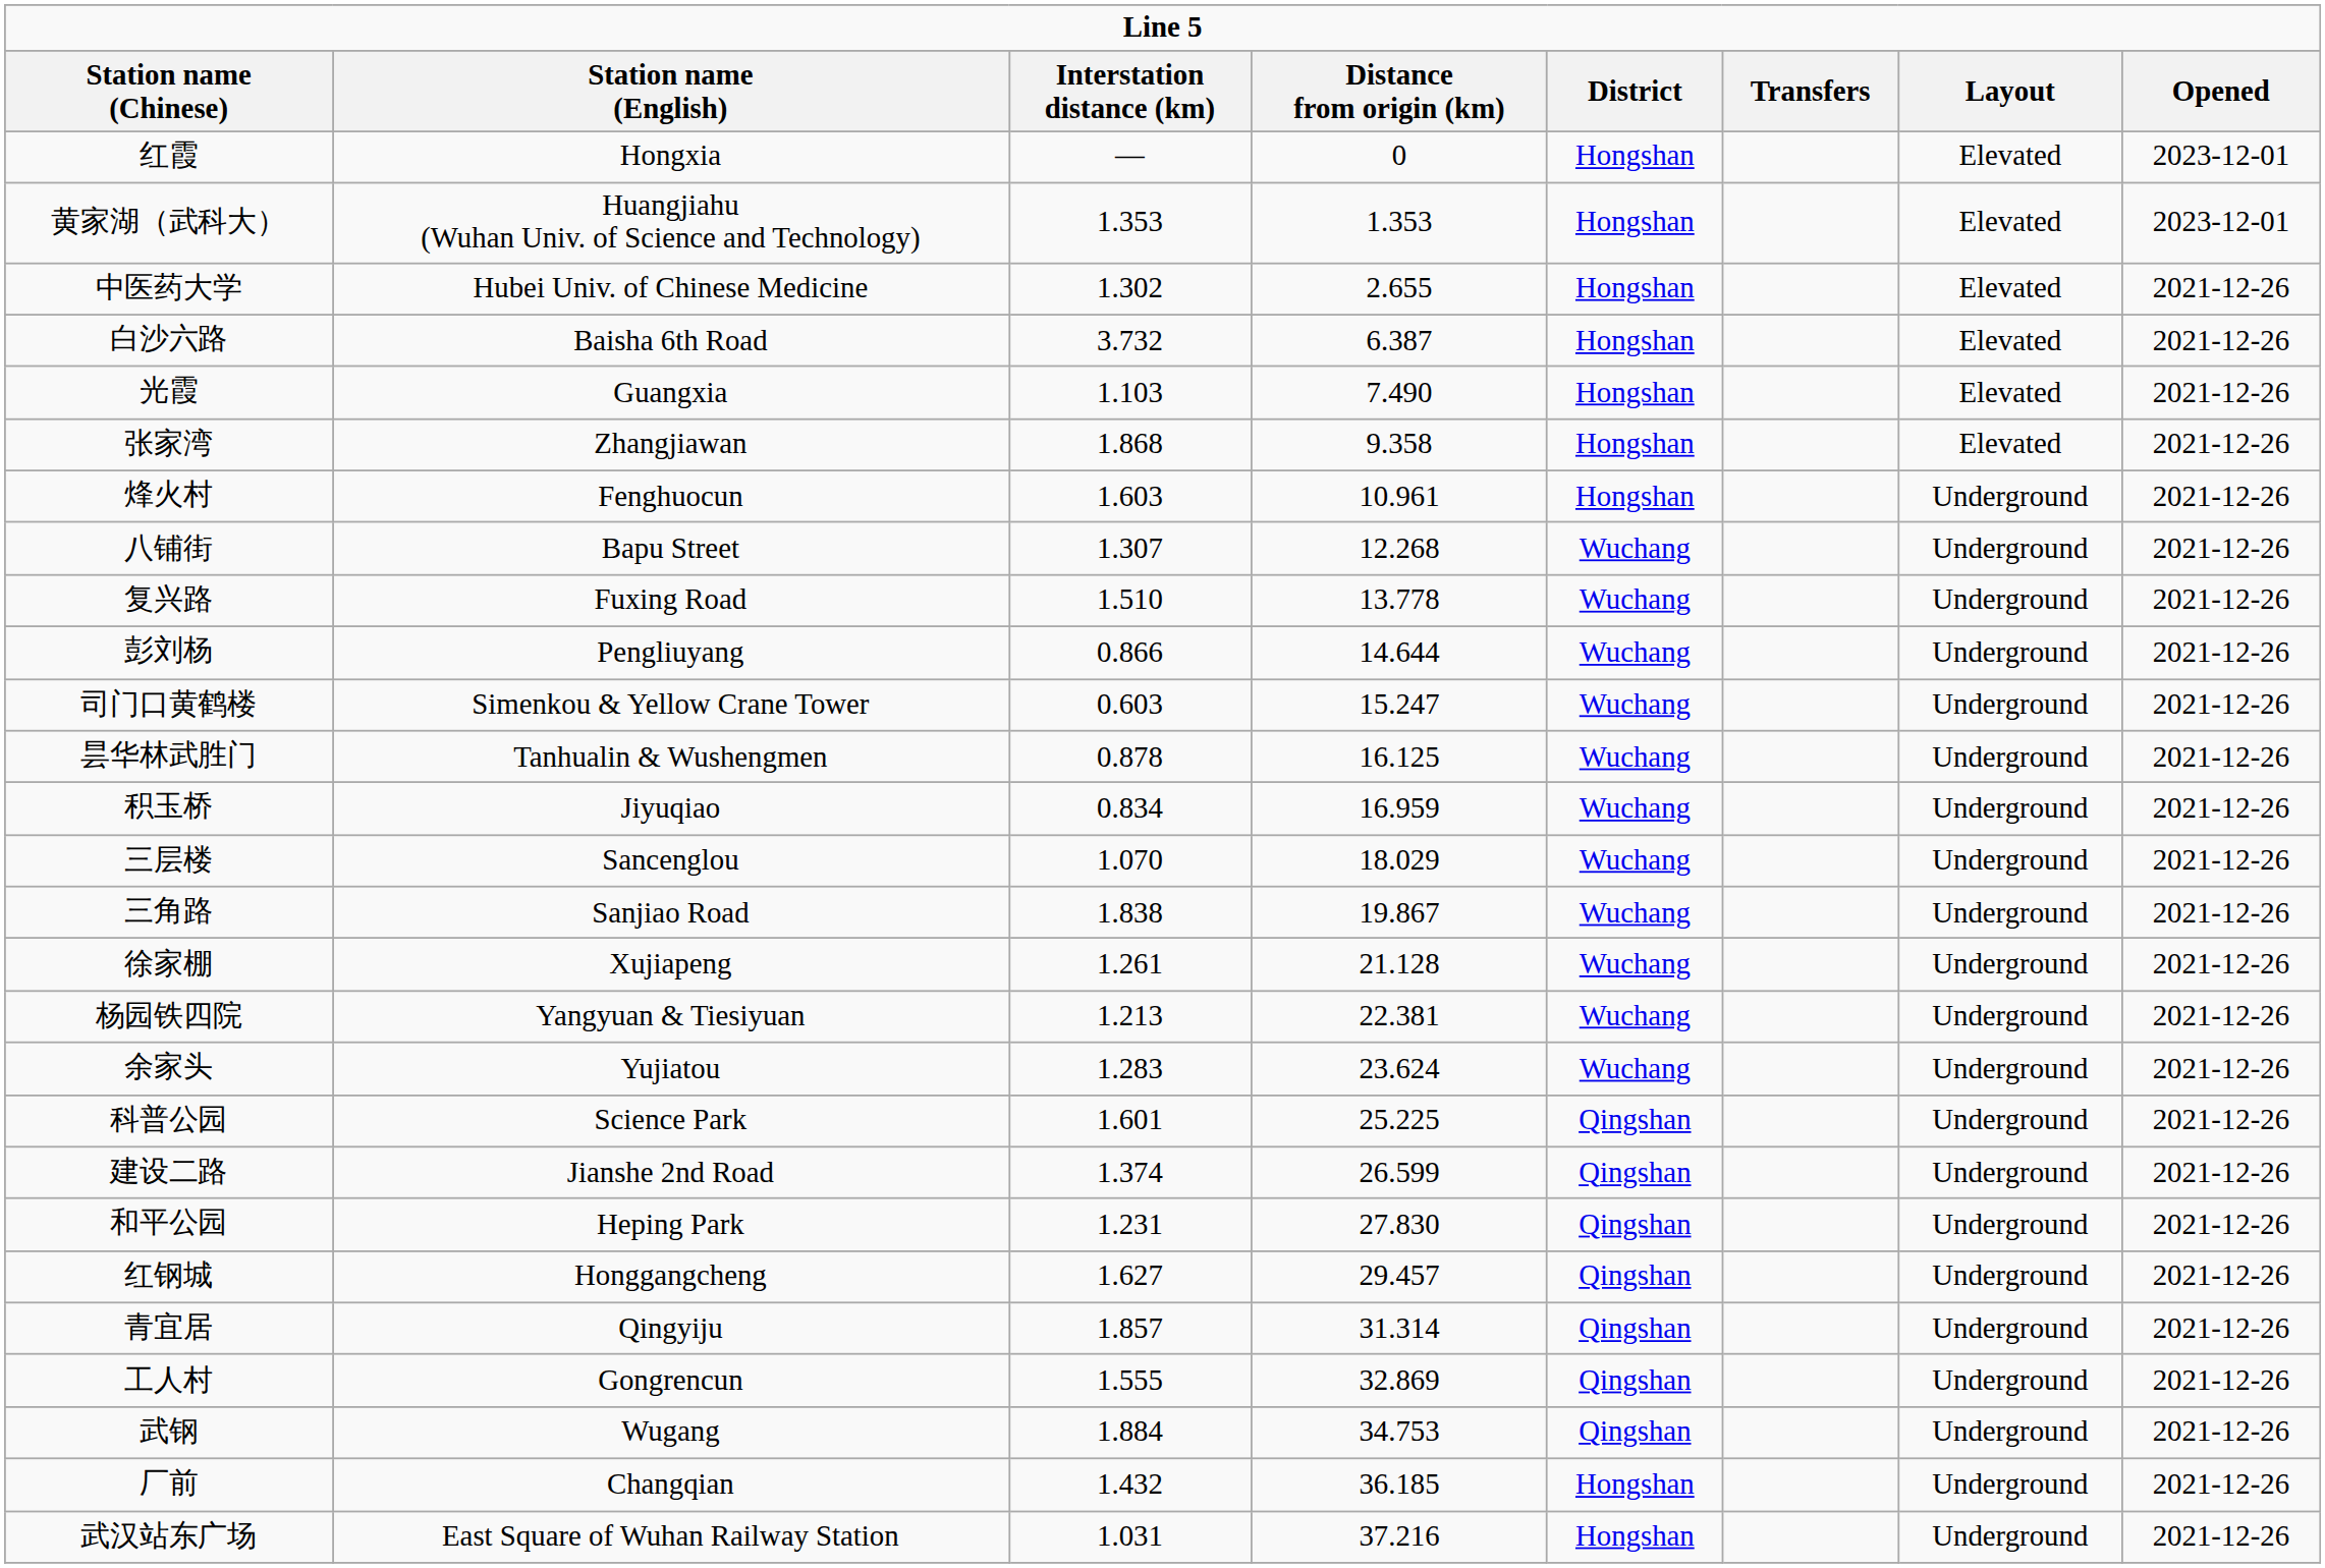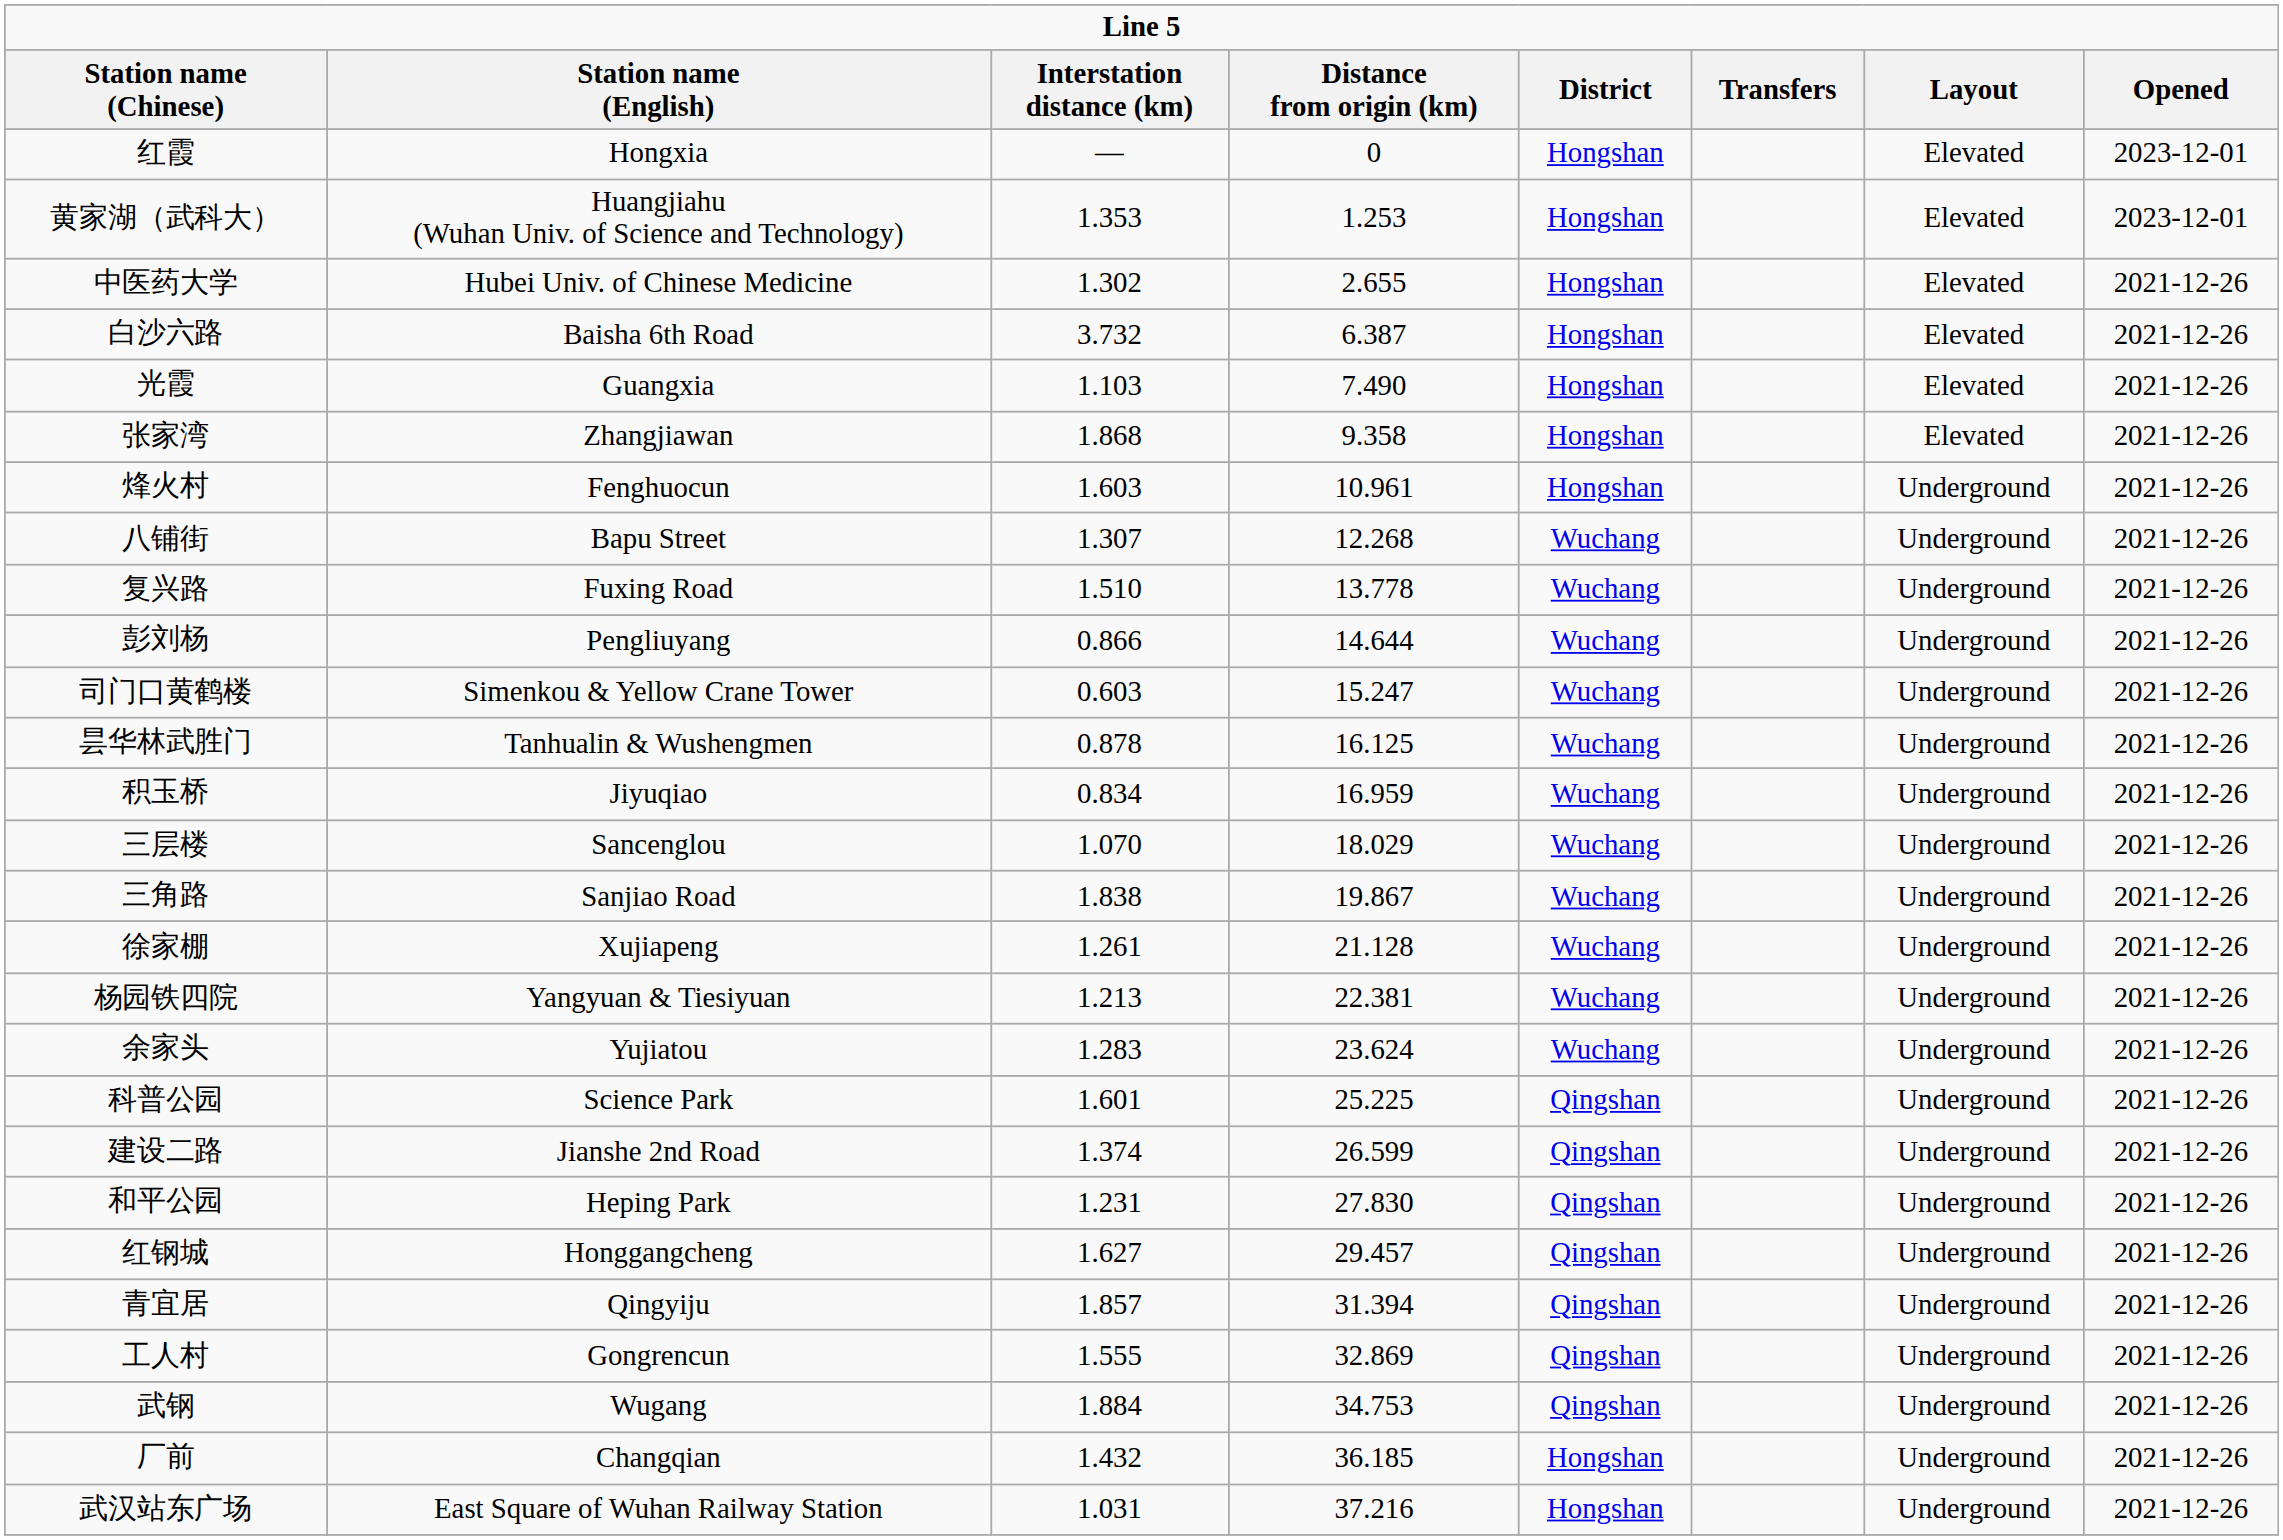 <table class="wikitable" style="width:100%; text-align: center;">
 <tr>
 <td align=center colspan=10><span><strong>Line 5</strong></span></td>
 </tr>
 <tr bgcolor="#CCCCCC">
 <th>Station name<br>(Chinese)</th>
 <th>Station name<br>(English)</th>
 <th>Interstation<br>distance (km)</th>
 <th>Distance<br>from origin (km)</th>
 <th>District</th>
 <th>Transfers</th>
 <th>Layout</th>
 <th>Opened</th>
 </tr>
 <tr>
 <td>红霞</td>
 <td>Hongxia</td>
 <td>—</td>
 <td>0</td>
 <td><a href='#'>Hongshan</a></td>
 <td></td>
 <td>Elevated</td>
 <td>2023-12-01</td>
 </tr>
 <tr>
 <td>黄家湖（武科大）</td>
 <td>Huangjiahu<br>(Wuhan Univ. of Science and Technology)</td>
 <td>1.353</td>
-<td>1.353</td>
+<td>1.253</td>
 <td><a href='#'>Hongshan</a></td>
 <td></td>
 <td>Elevated</td>
 <td>2023-12-01</td>
 </tr>
 <tr>
 <td>中医药大学</td>
 <td>Hubei Univ. of Chinese Medicine</td>
 <td>1.302</td>
 <td>2.655</td>
 <td><a href='#'>Hongshan</a></td>
 <td></td>
 <td>Elevated</td>
 <td>2021-12-26</td>
 </tr>
 <tr>
 <td>白沙六路</td>
 <td>Baisha 6th Road</td>
 <td>3.732</td>
 <td>6.387</td>
 <td><a href='#'>Hongshan</a></td>
 <td></td>
 <td>Elevated</td>
 <td>2021-12-26</td>
 </tr>
 <tr>
 <td>光霞</td>
 <td>Guangxia</td>
 <td>1.103</td>
 <td>7.490</td>
 <td><a href='#'>Hongshan</a></td>
 <td></td>
 <td>Elevated</td>
 <td>2021-12-26</td>
 </tr>
 <tr>
 <td>张家湾</td>
 <td>Zhangjiawan</td>
 <td>1.868</td>
 <td>9.358</td>
 <td><a href='#'>Hongshan</a></td>
 <td></td>
 <td>Elevated</td>
 <td>2021-12-26</td>
 </tr>
 <tr>
 <td>烽火村</td>
 <td>Fenghuocun</td>
 <td>1.603</td>
 <td>10.961</td>
 <td><a href='#'>Hongshan</a></td>
 <td></td>
 <td>Underground</td>
 <td>2021-12-26</td>
 </tr>
 <tr>
 <td>八铺街</td>
 <td>Bapu Street</td>
 <td>1.307</td>
 <td>12.268</td>
 <td><a href='#'>Wuchang</a></td>
 <td></td>
 <td>Underground</td>
 <td>2021-12-26</td>
 </tr>
 <tr>
 <td>复兴路</td>
 <td>Fuxing Road</td>
 <td>1.510</td>
 <td>13.778</td>
 <td><a href='#'>Wuchang</a></td>
 <td></td>
 <td>Underground</td>
 <td>2021-12-26</td>
 </tr>
 <tr>
 <td>彭刘杨</td>
 <td>Pengliuyang</td>
 <td>0.866</td>
 <td>14.644</td>
 <td><a href='#'>Wuchang</a></td>
 <td></td>
 <td>Underground</td>
 <td>2021-12-26</td>
 </tr>
 <tr>
 <td>司门口黄鹤楼</td>
 <td>Simenkou & Yellow Crane Tower</td>
 <td>0.603</td>
 <td>15.247</td>
 <td><a href='#'>Wuchang</a></td>
 <td></td>
 <td>Underground</td>
 <td>2021-12-26</td>
 </tr>
 <tr>
 <td>昙华林武胜门</td>
 <td>Tanhualin & Wushengmen</td>
 <td>0.878</td>
 <td>16.125</td>
 <td><a href='#'>Wuchang</a></td>
 <td></td>
 <td>Underground</td>
 <td>2021-12-26</td>
 </tr>
 <tr>
 <td>积玉桥</td>
 <td>Jiyuqiao</td>
 <td>0.834</td>
 <td>16.959</td>
 <td><a href='#'>Wuchang</a></td>
 <td></td>
 <td>Underground</td>
 <td>2021-12-26</td>
 </tr>
 <tr>
 <td>三层楼</td>
 <td>Sancenglou</td>
 <td>1.070</td>
 <td>18.029</td>
 <td><a href='#'>Wuchang</a></td>
 <td></td>
 <td>Underground</td>
 <td>2021-12-26</td>
 </tr>
 <tr>
 <td>三角路</td>
 <td>Sanjiao Road</td>
 <td>1.838</td>
 <td>19.867</td>
 <td><a href='#'>Wuchang</a></td>
 <td></td>
 <td>Underground</td>
 <td>2021-12-26</td>
 </tr>
 <tr>
 <td>徐家棚</td>
 <td>Xujiapeng</td>
 <td>1.261</td>
 <td>21.128</td>
 <td><a href='#'>Wuchang</a></td>
 <td> </td>
 <td>Underground</td>
 <td>2021-12-26</td>
 </tr>
 <tr>
 <td>杨园铁四院</td>
 <td>Yangyuan & Tiesiyuan</td>
 <td>1.213</td>
 <td>22.381</td>
 <td><a href='#'>Wuchang</a></td>
 <td></td>
 <td>Underground</td>
 <td>2021-12-26</td>
 </tr>
 <tr>
 <td>余家头</td>
 <td>Yujiatou</td>
 <td>1.283</td>
 <td>23.624</td>
 <td><a href='#'>Wuchang</a></td>
 <td></td>
 <td>Underground</td>
 <td>2021-12-26</td>
 </tr>
 <tr>
 <td>科普公园</td>
 <td>Science Park</td>
 <td>1.601</td>
 <td>25.225</td>
 <td><a href='#'>Qingshan</a></td>
 <td></td>
 <td>Underground</td>
 <td>2021-12-26</td>
 </tr>
 <tr>
 <td>建设二路</td>
 <td>Jianshe 2nd Road</td>
 <td>1.374</td>
 <td>26.599</td>
 <td><a href='#'>Qingshan</a></td>
 <td></td>
 <td>Underground</td>
 <td>2021-12-26</td>
 </tr>
 <tr>
 <td>和平公园</td>
 <td>Heping Park</td>
 <td>1.231</td>
 <td>27.830</td>
 <td><a href='#'>Qingshan</a></td>
 <td></td>
 <td>Underground</td>
 <td>2021-12-26</td>
 </tr>
 <tr>
 <td>红钢城</td>
 <td>Honggangcheng</td>
 <td>1.627</td>
 <td>29.457</td>
 <td><a href='#'>Qingshan</a></td>
 <td></td>
 <td>Underground</td>
 <td>2021-12-26</td>
 </tr>
 <tr>
 <td>青宜居</td>
 <td>Qingyiju</td>
 <td>1.857</td>
-<td>31.314</td>
+<td>31.394</td>
 <td><a href='#'>Qingshan</a></td>
 <td></td>
 <td>Underground</td>
 <td>2021-12-26</td>
 </tr>
 <tr>
 <td>工人村</td>
 <td>Gongrencun</td>
 <td>1.555</td>
 <td>32.869</td>
 <td><a href='#'>Qingshan</a></td>
 <td></td>
 <td>Underground</td>
 <td>2021-12-26</td>
 </tr>
 <tr>
 <td>武钢</td>
 <td>Wugang</td>
 <td>1.884</td>
 <td>34.753</td>
 <td><a href='#'>Qingshan</a></td>
 <td></td>
 <td>Underground</td>
 <td>2021-12-26</td>
 </tr>
 <tr>
 <td>厂前</td>
 <td>Changqian</td>
 <td>1.432</td>
 <td>36.185</td>
 <td><a href='#'>Hongshan</a></td>
 <td></td>
 <td>Underground</td>
 <td>2021-12-26</td>
 </tr>
 <tr>
 <td style="white-space:nowrap">武汉站东广场</td>
 <td>East Square of Wuhan Railway Station</td>
 <td>1.031</td>
 <td>37.216</td>
 <td><a href='#'>Hongshan</a></td>
 <td> </td>
 <td>Underground</td>
 <td>2021-12-26</td>
 </tr>
 </table>
